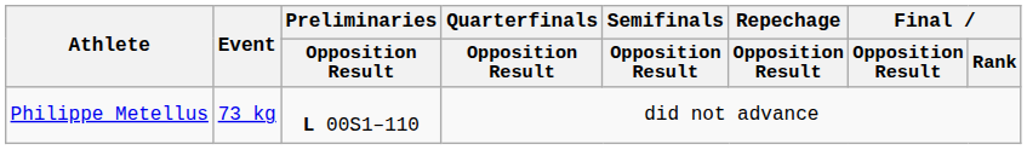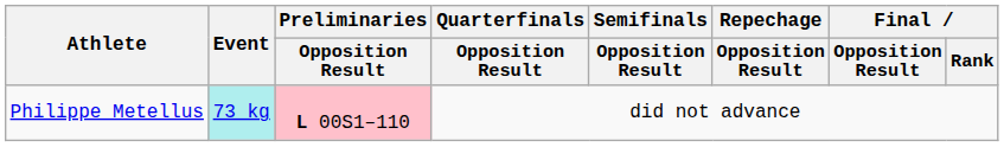 <table class="wikitable" style="font-size:90%">
 <tr>
 <th rowspan=2>Athlete</th>
 <th rowspan=2>Event</th>
 <th>Preliminaries</th>
 <th>Quarterfinals</th>
 <th>Semifinals</th>
 <th>Repechage</th>
 <th colspan=2>Final / </th>
 </tr>
 <tr style="font-size:95%">
 <th>Opposition<br>Result</th>
 <th>Opposition<br>Result</th>
 <th>Opposition<br>Result</th>
 <th>Opposition<br>Result</th>
 <th>Opposition<br>Result</th>
 <th>Rank</th>
 </tr>
 <tr align=center>
 <td align=left><a href='#'>Philippe Metellus</a></td>
-<td align=left><a href='#'>73 kg</a></td>
-<td><br><strong>L</strong> 00S1–110</td>
+<td align=left style="background: paleturquoise;"><a href='#'>73 kg</a></td>
+<td style="background: pink;"><br><strong>L</strong> 00S1–110</td>
 <td colspan=5>did not advance</td>
 </tr>
 </table>
